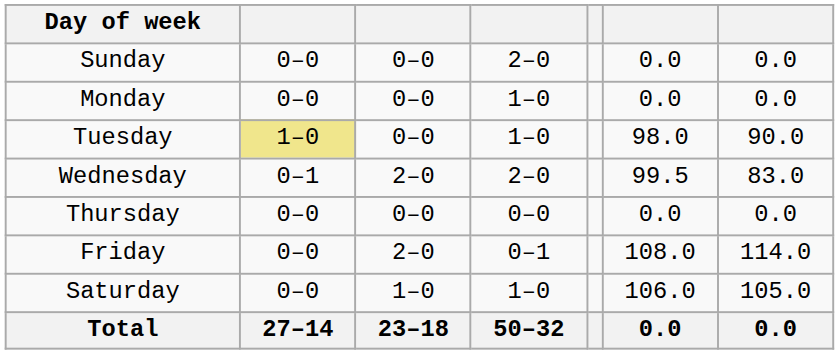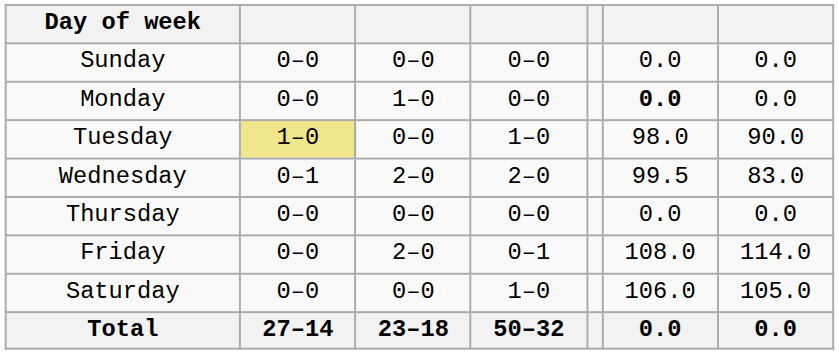 <table class="wikitable" style="margin:1em auto; font-size:95%; text-align:center; width:35em;">
 <tr>
 <th>Day of week</th>
 <th></th>
 <th></th>
 <th></th>
 <th></th>
 <th></th>
 <th></th>
 </tr>
 <tr>
 <td>Sunday</td>
 <td>0–0</td>
 <td>0–0</td>
-<td>2–0</td>
+<td>0–0</td>
 <td></td>
 <td>0.0</td>
 <td>0.0</td>
 </tr>
 <tr>
 <td>Monday</td>
 <td>0–0</td>
+<td>1–0</td>
 <td>0–0</td>
-<td>1–0</td>
 <td></td>
-<td>0.0</td>
+<td><strong>0.0</strong></td>
 <td>0.0</td>
 </tr>
 <tr>
 <td>Tuesday</td>
 <td style="background: khaki;">1–0</td>
 <td>0–0</td>
 <td>1–0</td>
 <td></td>
 <td>98.0</td>
 <td>90.0</td>
 </tr>
 <tr>
 <td>Wednesday</td>
 <td>0–1</td>
 <td>2–0</td>
 <td>2–0</td>
 <td></td>
 <td>99.5</td>
 <td>83.0</td>
 </tr>
 <tr>
 <td>Thursday</td>
 <td>0–0</td>
 <td>0–0</td>
 <td>0–0</td>
 <td></td>
 <td>0.0</td>
 <td>0.0</td>
 </tr>
 <tr>
 <td>Friday</td>
 <td>0–0</td>
 <td>2–0</td>
 <td>0–1</td>
 <td></td>
 <td>108.0</td>
 <td>114.0</td>
 </tr>
 <tr>
 <td>Saturday</td>
 <td>0–0</td>
-<td>1–0</td>
+<td>0–0</td>
 <td>1–0</td>
 <td></td>
 <td>106.0</td>
 <td>105.0</td>
 </tr>
 <tr>
 <th>Total</th>
 <th>27–14</th>
 <th>23–18</th>
 <th>50–32</th>
 <th></th>
 <th>0.0</th>
 <th>0.0</th>
 </tr>
 </table>
